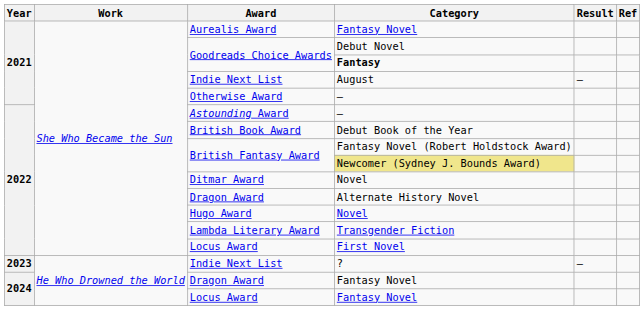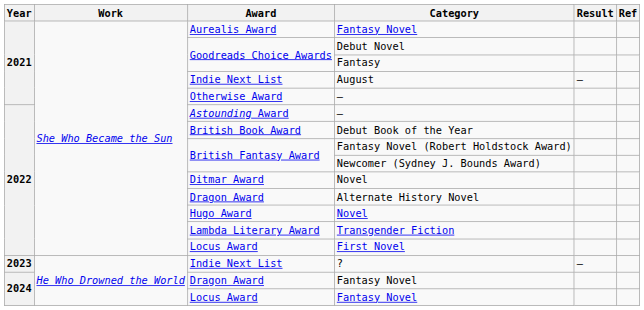 <table class="wikitable sortable">
 <tr>
 <th>Year</th>
 <th>Work</th>
 <th>Award</th>
 <th>Category</th>
 <th>Result</th>
 <th>Ref</th>
 </tr>
 <tr>
 <th rowspan="5">2021</th>
 <td rowspan="14"><em><a href='#'>She Who Became the Sun</a></em></td>
 <td><a href='#'>Aurealis Award</a></td>
 <td><a href='#'>Fantasy Novel</a></td>
 <td></td>
 <td></td>
 </tr>
 <tr>
 <td rowspan="2"><a href='#'>Goodreads Choice Awards</a></td>
 <td>Debut Novel</td>
 <td></td>
 <td></td>
 </tr>
 <tr>
-<td><strong>Fantasy</strong></td>
+<td>Fantasy</td>
 <td></td>
 <td></td>
 </tr>
 <tr>
 <td><a href='#'>Indie Next List</a></td>
 <td>August</td>
 <td>—</td>
 <td></td>
 </tr>
 <tr>
 <td><a href='#'>Otherwise Award</a></td>
 <td>—</td>
 <td></td>
 <td></td>
 </tr>
 <tr>
 <th rowspan="9">2022</th>
 <td><a href='#'><em>Astounding</em> Award</a></td>
 <td>—</td>
 <td></td>
 <td></td>
 </tr>
 <tr>
 <td><a href='#'>British Book Award</a></td>
 <td>Debut Book of the Year</td>
 <td></td>
 <td></td>
 </tr>
 <tr>
 <td rowspan="2"><a href='#'>British Fantasy Award</a></td>
 <td>Fantasy Novel (Robert Holdstock Award)</td>
 <td></td>
 <td></td>
 </tr>
 <tr>
-<td style="background: khaki;">Newcomer (Sydney J. Bounds Award)</td>
+<td>Newcomer (Sydney J. Bounds Award)</td>
 <td></td>
 <td></td>
 </tr>
 <tr>
 <td><a href='#'>Ditmar Award</a></td>
 <td>Novel</td>
 <td></td>
 <td></td>
 </tr>
 <tr>
 <td><a href='#'>Dragon Award</a></td>
 <td>Alternate History Novel</td>
 <td></td>
 <td></td>
 </tr>
 <tr>
 <td><a href='#'>Hugo Award</a></td>
 <td><a href='#'>Novel</a></td>
 <td></td>
 <td></td>
 </tr>
 <tr>
 <td><a href='#'>Lambda Literary Award</a></td>
 <td><a href='#'>Transgender Fiction</a></td>
 <td></td>
 <td></td>
 </tr>
 <tr>
 <td><a href='#'>Locus Award</a></td>
 <td><a href='#'>First Novel</a></td>
 <td></td>
 <td></td>
 </tr>
 <tr>
 <th>2023</th>
 <td rowspan="3"><em><a href='#'>He Who Drowned the World</a></em></td>
 <td><a href='#'>Indie Next List</a></td>
 <td>?</td>
 <td>—</td>
 <td></td>
 </tr>
 <tr>
 <th rowspan="2">2024</th>
 <td><a href='#'>Dragon Award</a></td>
 <td>Fantasy Novel</td>
 <td></td>
 <td></td>
 </tr>
 <tr>
 <td><a href='#'>Locus Award</a></td>
 <td><a href='#'>Fantasy Novel</a></td>
 <td></td>
 <td></td>
 </tr>
 </table>
